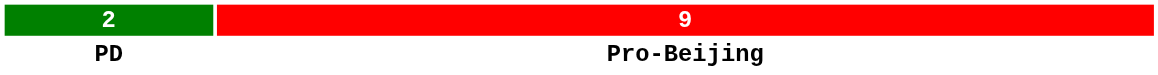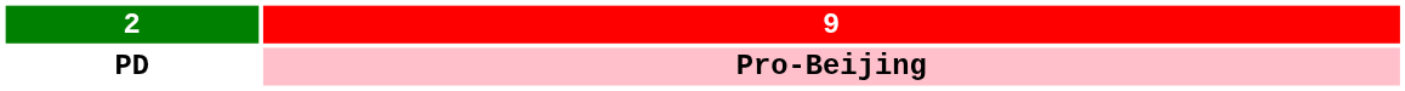 <table style="width:50%; text-align:center;">
 <tr style="color:white;">
 <td style="background:green; width:18.18%;"><strong>2</strong></td>
 <td style="background:red; width:81.82%;"><strong>9</strong></td>
 </tr>
 <tr>
 <td><span><strong>PD</strong></span></td>
-<td><span><strong>Pro-Beijing</strong></span></td>
+<td style="background: pink;"><span><strong>Pro-Beijing</strong></span></td>
 </tr>
 </table>
